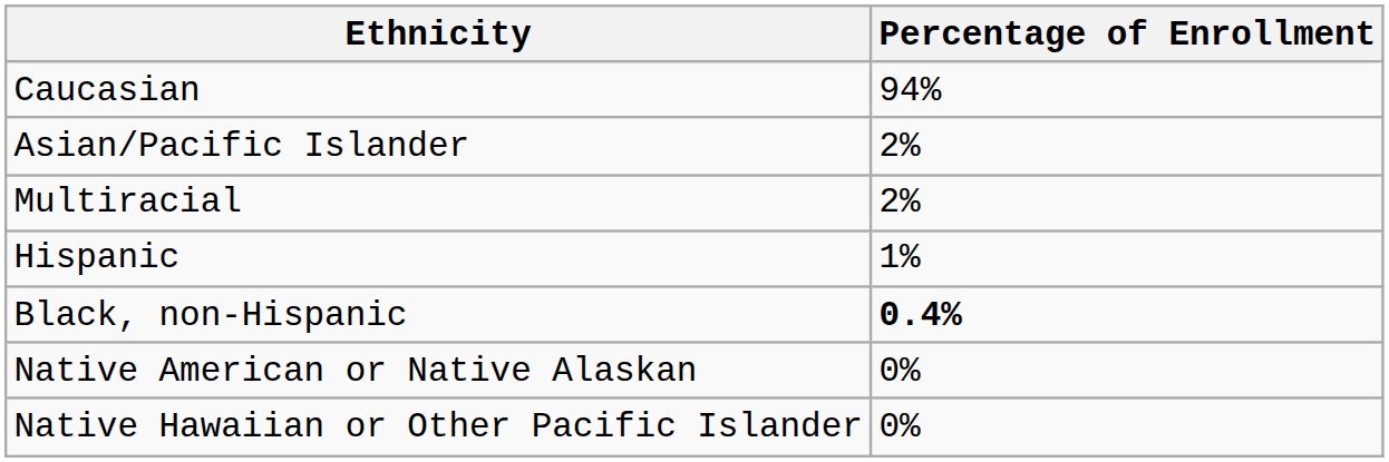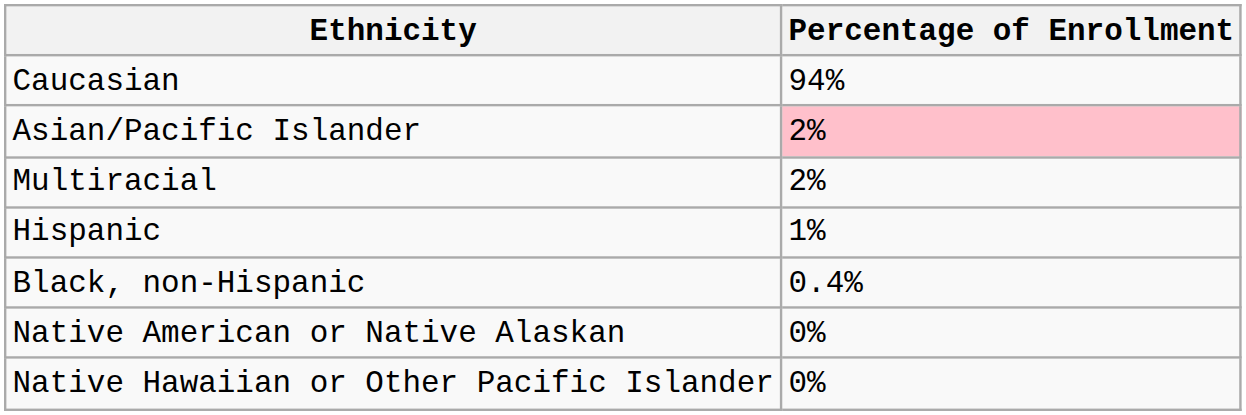 <table class="wikitable">
 <tr>
 <th>Ethnicity</th>
 <th>Percentage of Enrollment</th>
 </tr>
 <tr>
 <td>Caucasian</td>
 <td>94%</td>
 </tr>
 <tr>
 <td>Asian/Pacific Islander</td>
-<td>2%</td>
+<td style="background: pink;">2%</td>
 </tr>
 <tr>
 <td>Multiracial</td>
 <td>2%</td>
 </tr>
 <tr>
 <td>Hispanic</td>
 <td>1%</td>
 </tr>
 <tr>
 <td>Black, non-Hispanic</td>
-<td><strong>0.4%</strong></td>
+<td>0.4%</td>
 </tr>
 <tr>
 <td>Native American or Native Alaskan</td>
 <td>0%</td>
 </tr>
 <tr>
 <td>Native Hawaiian or Other Pacific Islander</td>
 <td>0%</td>
 </tr>
 </table>
